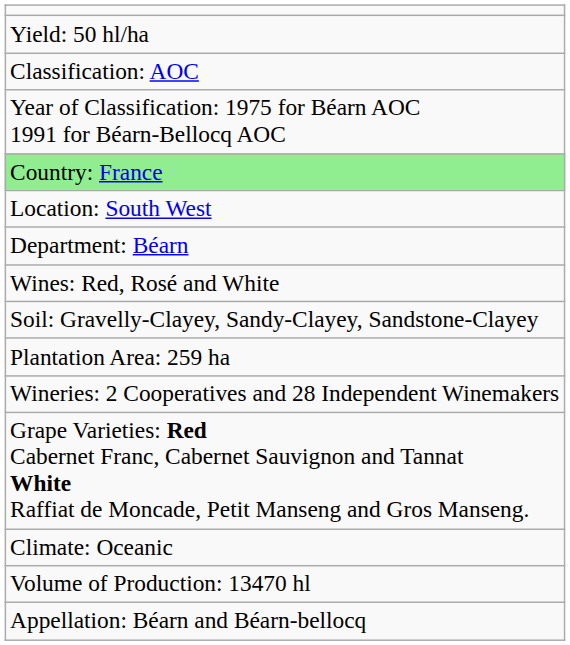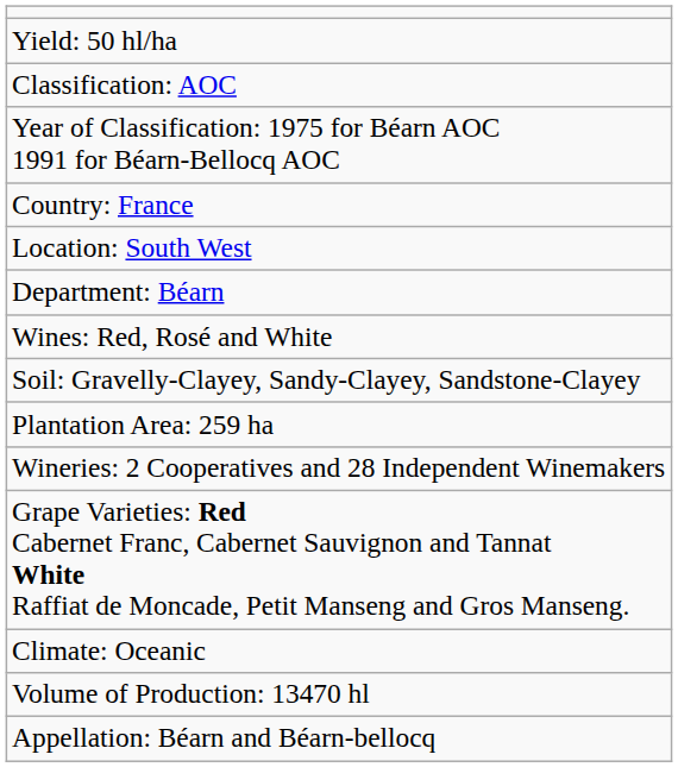 <table class=wikitable align="right" rules="all">
 <tr>
 <td></td>
 </tr>
 <tr>
 <td>Yield: 50 hl/ha</td>
 </tr>
 <tr>
 <td>Classification: <a href='#'>AOC</a></td>
 </tr>
 <tr>
 <td>Year of Classification: 1975 for Béarn AOC<br>1991 for Béarn-Bellocq AOC</td>
 </tr>
 <tr>
-<td style="background: lightgreen;">Country: <a href='#'>France</a><br></td>
+<td>Country: <a href='#'>France</a><br></td>
 </tr>
 <tr>
 <td>Location: <a href='#'>South West</a></td>
 </tr>
 <tr>
 <td>Department: <a href='#'>Béarn</a></td>
 </tr>
 <tr>
 <td>Wines: Red, Rosé and White</td>
 </tr>
 <tr>
 <td>Soil: Gravelly-Clayey, Sandy-Clayey, Sandstone-Clayey</td>
 </tr>
 <tr>
 <td>Plantation Area: 259 ha</td>
 </tr>
 <tr>
 <td>Wineries: 2 Cooperatives and 28 Independent Winemakers</td>
 </tr>
 <tr>
 <td>Grape Varieties: <strong>Red</strong><br>Cabernet Franc, Cabernet Sauvignon and Tannat<br><strong>White</strong><br>Raffiat de Moncade, Petit Manseng and Gros Manseng.</td>
 </tr>
 <tr>
 <td>Climate: Oceanic</td>
 </tr>
 <tr>
 <td>Volume of Production: 13470 hl</td>
 </tr>
 <tr>
 <td>Appellation: Béarn and Béarn-bellocq</td>
 </tr>
 </table>
